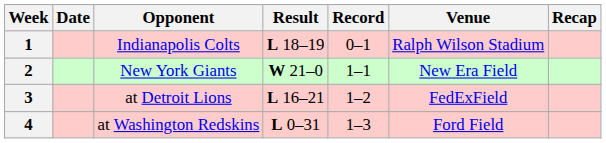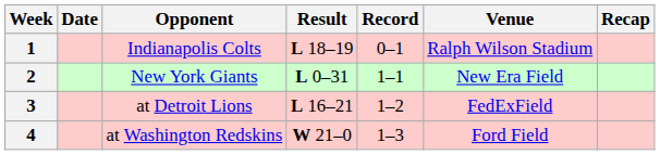 <table class="wikitable" style="text-align:center">
 <tr>
 <th>Week</th>
 <th>Date</th>
 <th>Opponent</th>
 <th>Result</th>
 <th>Record</th>
 <th>Venue</th>
 <th>Recap</th>
 </tr>
 <tr style="background:#fcc">
 <th>1</th>
 <td></td>
 <td><a href='#'>Indianapolis Colts</a></td>
 <td><strong>L</strong> 18–19</td>
 <td>0–1</td>
 <td><a href='#'>Ralph Wilson Stadium</a></td>
 <td></td>
 </tr>
 <tr style="background:#cfc">
 <th>2</th>
 <td></td>
 <td><a href='#'>New York Giants</a></td>
-<td><strong>W</strong> 21–0</td>
+<td><strong>L</strong> 0–31</td>
 <td>1–1</td>
 <td><a href='#'>New Era Field</a></td>
 <td></td>
 </tr>
 <tr style="background:#fcc">
 <th>3</th>
 <td></td>
 <td>at <a href='#'>Detroit Lions</a></td>
 <td><strong>L</strong> 16–21</td>
 <td>1–2</td>
 <td><a href='#'>FedExField</a></td>
 <td></td>
 </tr>
 <tr style="background:#fcc">
 <th>4</th>
 <td></td>
 <td>at <a href='#'>Washington Redskins</a></td>
-<td><strong>L</strong> 0–31</td>
+<td><strong>W</strong> 21–0</td>
 <td>1–3</td>
 <td><a href='#'>Ford Field</a></td>
 <td></td>
 </tr>
 </table>
